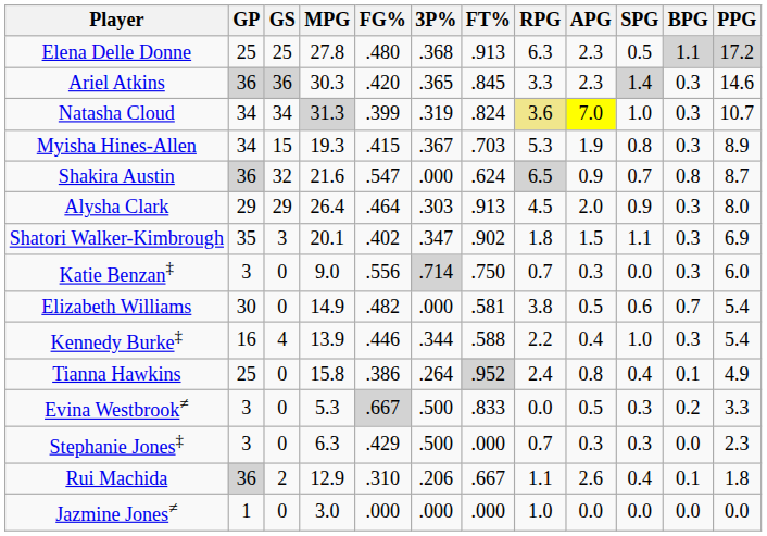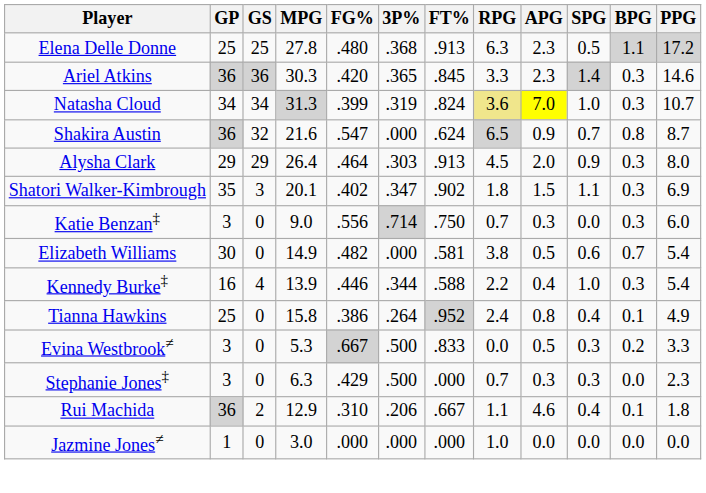 <table class="wikitable sortable" style="text-align:center">
 <tr>
 <th>Player</th>
 <th>GP</th>
 <th>GS</th>
 <th>MPG</th>
 <th>FG%</th>
 <th>3P%</th>
 <th>FT%</th>
 <th>RPG</th>
 <th>APG</th>
 <th>SPG</th>
 <th>BPG</th>
 <th>PPG</th>
 </tr>
 <tr>
 <td><a href='#'>Elena Delle Donne</a></td>
 <td>25</td>
 <td>25</td>
 <td>27.8</td>
 <td>.480</td>
 <td>.368</td>
 <td>.913</td>
 <td>6.3</td>
 <td>2.3</td>
 <td>0.5</td>
 <td style="background:#D3D3D3;">1.1</td>
 <td style="background:#D3D3D3;">17.2</td>
 </tr>
 <tr>
 <td><a href='#'>Ariel Atkins</a></td>
 <td style="background:#D3D3D3;">36</td>
 <td style="background:#D3D3D3;">36</td>
 <td>30.3</td>
 <td>.420</td>
 <td>.365</td>
 <td>.845</td>
 <td>3.3</td>
 <td>2.3</td>
 <td style="background:#D3D3D3;">1.4</td>
 <td>0.3</td>
 <td>14.6</td>
 </tr>
 <tr>
 <td><a href='#'>Natasha Cloud</a></td>
 <td>34</td>
 <td>34</td>
 <td style="background:#D3D3D3;">31.3</td>
 <td>.399</td>
 <td>.319</td>
 <td>.824</td>
 <td style="background: khaki;">3.6</td>
 <td style="background:yellow;">7.0</td>
 <td>1.0</td>
 <td>0.3</td>
 <td>10.7</td>
-</tr>
-<tr>
-<td><a href='#'>Myisha Hines-Allen</a></td>
-<td>34</td>
-<td>15</td>
-<td>19.3</td>
-<td>.415</td>
-<td>.367</td>
-<td>.703</td>
-<td>5.3</td>
-<td>1.9</td>
-<td>0.8</td>
-<td>0.3</td>
-<td>8.9</td>
 </tr>
 <tr>
 <td><a href='#'>Shakira Austin</a></td>
 <td style="background:#D3D3D3;">36</td>
 <td>32</td>
 <td>21.6</td>
 <td>.547</td>
 <td>.000</td>
 <td>.624</td>
 <td style="background:#D3D3D3;">6.5</td>
 <td>0.9</td>
 <td>0.7</td>
 <td>0.8</td>
 <td>8.7</td>
 </tr>
 <tr>
 <td><a href='#'>Alysha Clark</a></td>
 <td>29</td>
 <td>29</td>
 <td>26.4</td>
 <td>.464</td>
 <td>.303</td>
 <td>.913</td>
 <td>4.5</td>
 <td>2.0</td>
 <td>0.9</td>
 <td>0.3</td>
 <td>8.0</td>
 </tr>
 <tr>
 <td><a href='#'>Shatori Walker-Kimbrough</a></td>
 <td>35</td>
 <td>3</td>
 <td>20.1</td>
 <td>.402</td>
 <td>.347</td>
 <td>.902</td>
 <td>1.8</td>
 <td>1.5</td>
 <td>1.1</td>
 <td>0.3</td>
 <td>6.9</td>
 </tr>
 <tr>
 <td><a href='#'>Katie Benzan</a><sup>‡</sup></td>
 <td>3</td>
 <td>0</td>
 <td>9.0</td>
 <td>.556</td>
 <td style="background:#D3D3D3;">.714</td>
 <td>.750</td>
 <td>0.7</td>
 <td>0.3</td>
 <td>0.0</td>
 <td>0.3</td>
 <td>6.0</td>
 </tr>
 <tr>
 <td><a href='#'>Elizabeth Williams</a></td>
 <td>30</td>
 <td>0</td>
 <td>14.9</td>
 <td>.482</td>
 <td>.000</td>
 <td>.581</td>
 <td>3.8</td>
 <td>0.5</td>
 <td>0.6</td>
 <td>0.7</td>
 <td>5.4</td>
 </tr>
 <tr>
 <td><a href='#'>Kennedy Burke</a><sup>‡</sup></td>
 <td>16</td>
 <td>4</td>
 <td>13.9</td>
 <td>.446</td>
 <td>.344</td>
 <td>.588</td>
 <td>2.2</td>
 <td>0.4</td>
 <td>1.0</td>
 <td>0.3</td>
 <td>5.4</td>
 </tr>
 <tr>
 <td><a href='#'>Tianna Hawkins</a></td>
 <td>25</td>
 <td>0</td>
 <td>15.8</td>
 <td>.386</td>
 <td>.264</td>
 <td style="background:#D3D3D3;">.952</td>
 <td>2.4</td>
 <td>0.8</td>
 <td>0.4</td>
 <td>0.1</td>
 <td>4.9</td>
 </tr>
 <tr>
 <td><a href='#'>Evina Westbrook</a><sup>≠</sup></td>
 <td>3</td>
 <td>0</td>
 <td>5.3</td>
 <td style="background:#D3D3D3;">.667</td>
 <td>.500</td>
 <td>.833</td>
 <td>0.0</td>
 <td>0.5</td>
 <td>0.3</td>
 <td>0.2</td>
 <td>3.3</td>
 </tr>
 <tr>
 <td><a href='#'>Stephanie Jones</a><sup>‡</sup></td>
 <td>3</td>
 <td>0</td>
 <td>6.3</td>
 <td>.429</td>
 <td>.500</td>
 <td>.000</td>
 <td>0.7</td>
 <td>0.3</td>
 <td>0.3</td>
 <td>0.0</td>
 <td>2.3</td>
 </tr>
 <tr>
 <td><a href='#'>Rui Machida</a></td>
 <td style="background:#D3D3D3;">36</td>
 <td>2</td>
 <td>12.9</td>
 <td>.310</td>
 <td>.206</td>
 <td>.667</td>
 <td>1.1</td>
-<td>2.6</td>
+<td>4.6</td>
 <td>0.4</td>
 <td>0.1</td>
 <td>1.8</td>
 </tr>
 <tr>
 <td><a href='#'>Jazmine Jones</a><sup>≠</sup></td>
 <td>1</td>
 <td>0</td>
 <td>3.0</td>
 <td>.000</td>
 <td>.000</td>
 <td>.000</td>
 <td>1.0</td>
 <td>0.0</td>
 <td>0.0</td>
 <td>0.0</td>
 <td>0.0</td>
 </tr>
 </table>
